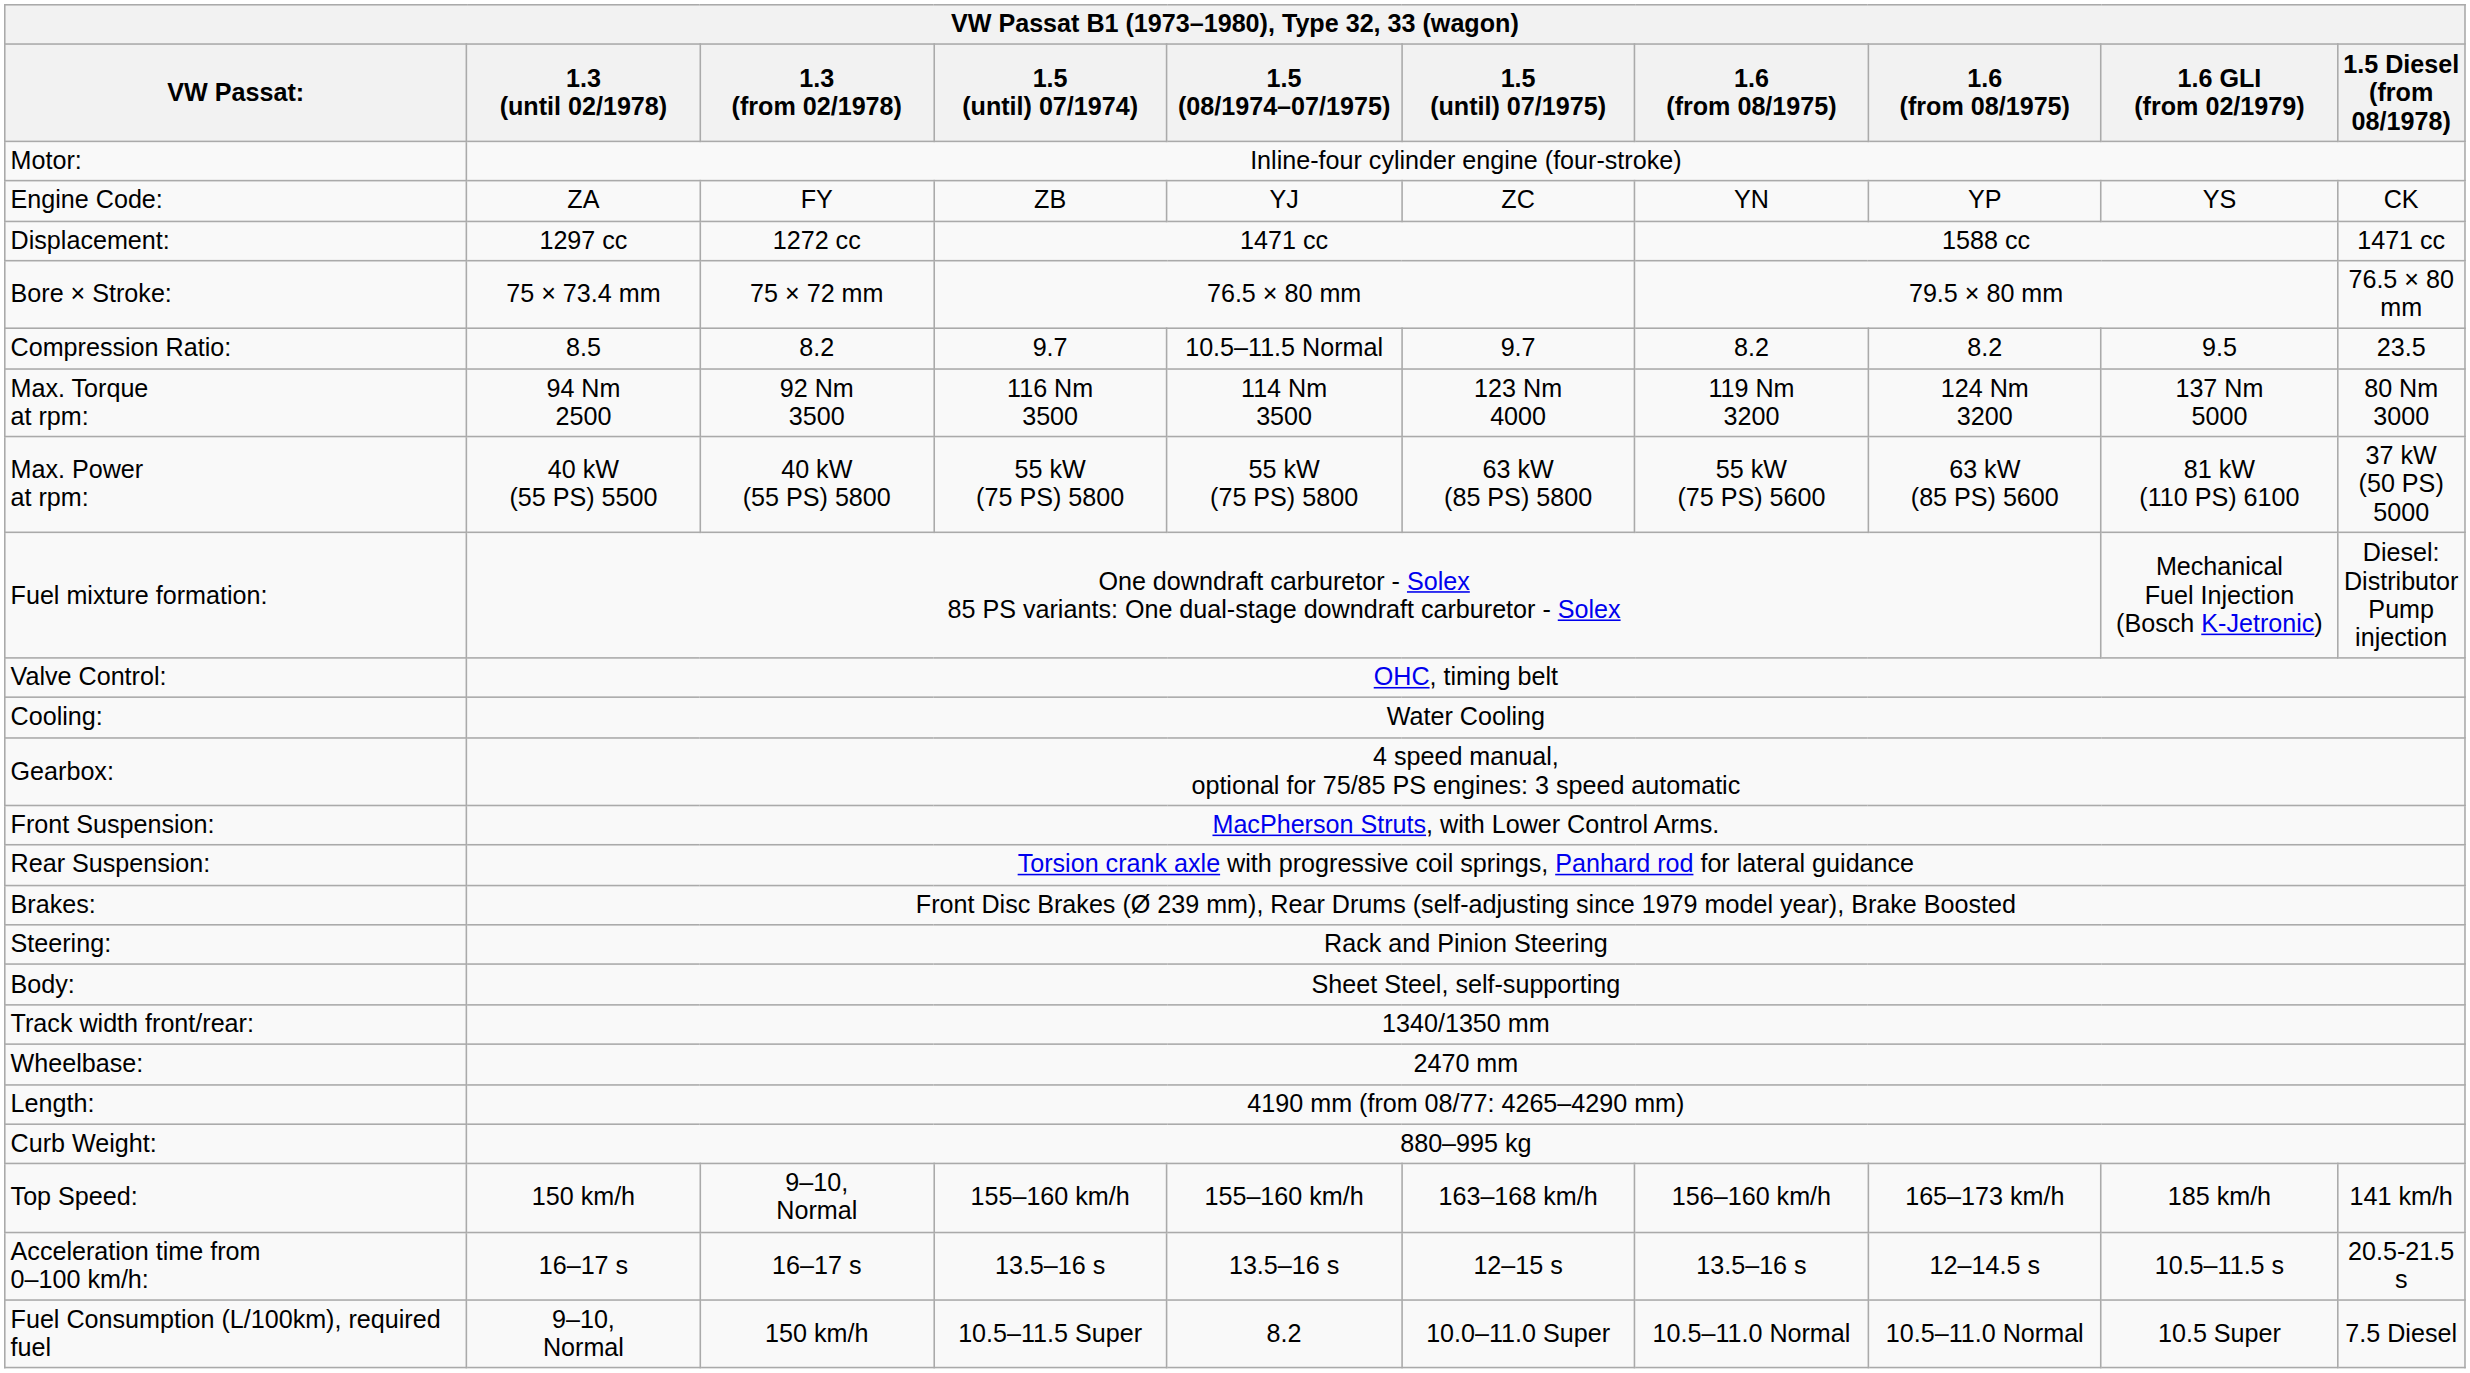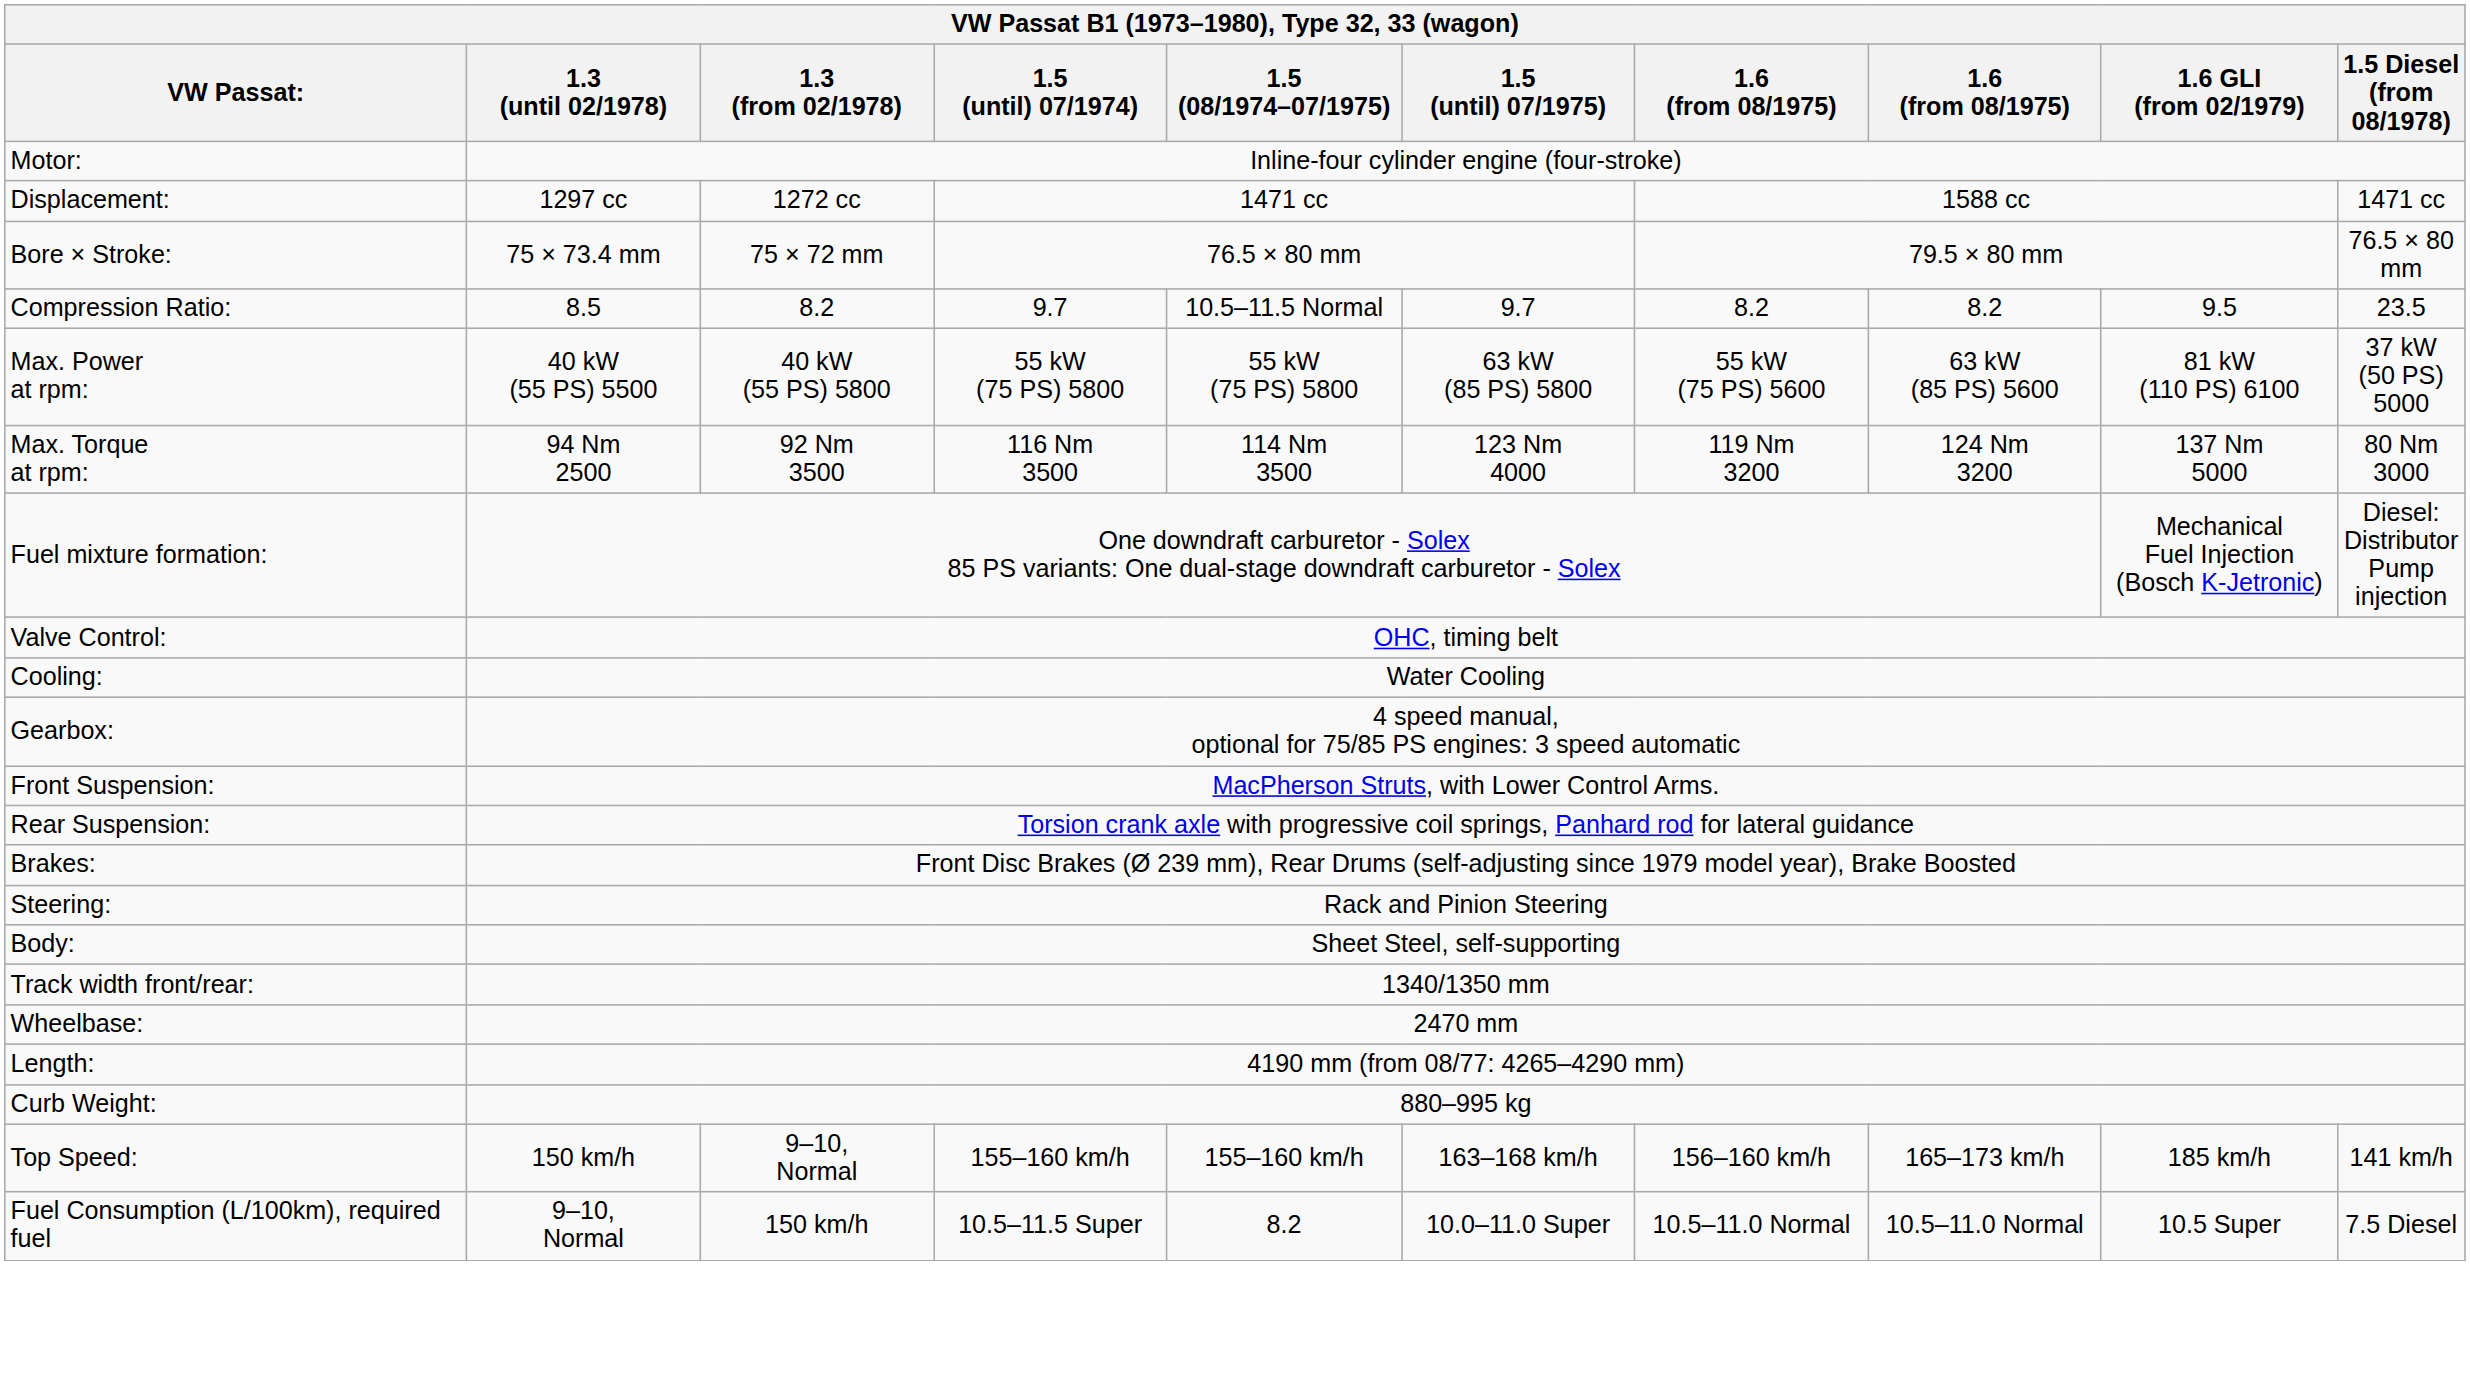 <table class="wikitable">
 <tr>
 <th colspan="10">VW Passat B1 (1973–1980), Type 32, 33 (wagon)</th>
 </tr>
 <tr>
 <th width="20%">VW Passat:</th>
 <th width="10%">1.3<br>(until 02/1978)</th>
 <th width="10%">1.3<br>(from 02/1978)</th>
 <th width="10%">1.5<br>(until) 07/1974)</th>
 <th width="10%">1.5<br>(08/1974–07/1975)</th>
 <th width="10%">1.5<br>(until) 07/1975)</th>
 <th width="10%">1.6<br>(from 08/1975)</th>
 <th width="10%">1.6<br>(from 08/1975)</th>
 <th width="10%">1.6 GLI<br>(from  02/1979)</th>
 <th width="10%">1.5 Diesel<br>(from 08/1978)</th>
 </tr>
 <tr>
 <td align="left">Motor:</td>
 <td colspan="9" align="center">Inline-four cylinder engine (four-stroke)</td>
-</tr>
-<tr>
-<td align="left">Engine Code:</td>
-<td align="center">ZA</td>
-<td align="center">FY</td>
-<td align="center">ZB</td>
-<td align="center">YJ</td>
-<td align="center">ZC</td>
-<td align="center">YN</td>
-<td align="center">YP</td>
-<td align="center">YS</td>
-<td align="center">CK</td>
 </tr>
 <tr>
 <td align="left">Displacement:</td>
 <td align="center">1297 cc</td>
 <td align="center">1272 cc</td>
 <td colspan="3" align="center">1471 cc</td>
 <td colspan="3" align="center">1588 cc</td>
 <td align="center">1471 cc</td>
 </tr>
 <tr>
 <td align="left">Bore × Stroke:</td>
 <td align="center">75 × 73.4 mm</td>
 <td align="center">75 × 72 mm</td>
 <td colspan="3" align="center">76.5 × 80 mm</td>
 <td colspan="3" align="center">79.5 × 80 mm</td>
 <td align="center">76.5 × 80 mm</td>
 </tr>
 <tr>
 <td align="left">Compression Ratio:</td>
 <td align="center">8.5</td>
 <td align="center">8.2</td>
 <td align="center">9.7</td>
 <td align="center">10.5–11.5 Normal</td>
 <td align="center">9.7</td>
 <td align="center">8.2</td>
 <td align="center">8.2</td>
 <td align="center">9.5</td>
 <td align="center">23.5</td>
 </tr>
 <tr>
+<td align="left">Max. Power<br>at rpm:</td>
+<td align="center">40 kW<br>(55 PS) 5500</td>
+<td align="center">40 kW<br>(55 PS) 5800</td>
+<td align="center">55 kW<br>(75 PS) 5800</td>
+<td align="center">55 kW<br>(75 PS) 5800</td>
+<td align="center">63 kW<br>(85 PS) 5800</td>
+<td align="center">55 kW<br>(75 PS) 5600</td>
+<td align="center">63 kW<br>(85 PS) 5600</td>
+<td align="center">81 kW<br>(110 PS) 6100</td>
+<td align="center">37 kW<br>(50 PS) 5000</td>
+</tr>
+<tr>
 <td align="left">Max. Torque<br>at rpm:</td>
 <td align="center">94 Nm<br>2500</td>
 <td align="center">92 Nm<br>3500</td>
 <td align="center">116 Nm<br>3500</td>
 <td align="center">114 Nm<br>3500</td>
 <td align="center">123 Nm<br>4000</td>
 <td align="center">119 Nm<br>3200</td>
 <td align="center">124 Nm<br>3200</td>
 <td align="center">137 Nm<br>5000</td>
 <td align="center">80 Nm<br>3000</td>
-</tr>
-<tr>
-<td align="left">Max. Power<br>at rpm:</td>
-<td align="center">40 kW<br>(55 PS) 5500</td>
-<td align="center">40 kW<br>(55 PS) 5800</td>
-<td align="center">55 kW<br>(75 PS) 5800</td>
-<td align="center">55 kW<br>(75 PS) 5800</td>
-<td align="center">63 kW<br>(85 PS) 5800</td>
-<td align="center">55 kW<br>(75 PS) 5600</td>
-<td align="center">63 kW<br>(85 PS) 5600</td>
-<td align="center">81 kW<br>(110 PS) 6100</td>
-<td align="center">37 kW<br>(50 PS) 5000</td>
 </tr>
 <tr>
 <td align="left">Fuel mixture formation:</td>
 <td colspan="7" align="center">One downdraft carburetor - <a href='#'>Solex</a><br>85 PS variants: One dual-stage downdraft carburetor - <a href='#'>Solex</a></td>
 <td align="center">Mechanical<br>Fuel Injection (Bosch <a href='#'>K-Jetronic</a>)</td>
 <td align="center">Diesel: Distributor  Pump injection</td>
 </tr>
 <tr>
 <td align="left">Valve Control:</td>
 <td colspan="9" align="center"><a href='#'>OHC</a>, timing belt</td>
 </tr>
 <tr>
 <td align="left">Cooling:</td>
 <td colspan="9" align="center">Water Cooling</td>
 </tr>
 <tr>
 <td align="left">Gearbox:</td>
 <td colspan="9" align="center">4 speed manual,<br>optional for 75/85 PS engines: 3 speed automatic</td>
 </tr>
 <tr>
 <td align="left">Front Suspension:</td>
 <td colspan="9" align="center"><a href='#'>MacPherson Struts</a>, with Lower Control Arms.</td>
 </tr>
 <tr>
 <td align="left">Rear Suspension:</td>
 <td colspan="9" align="center"><a href='#'>Torsion crank axle</a> with progressive coil springs, <a href='#'>Panhard rod</a> for lateral guidance</td>
 </tr>
 <tr>
 <td align="left">Brakes:</td>
 <td colspan="9" align="center">Front Disc Brakes (Ø 239 mm), Rear Drums (self-adjusting since 1979 model year), Brake Boosted</td>
 </tr>
 <tr>
 <td align="left">Steering:</td>
 <td colspan="9" align="center">Rack and Pinion Steering</td>
 </tr>
 <tr>
 <td align="left">Body:</td>
 <td colspan="9" align="center">Sheet Steel, self-supporting</td>
 </tr>
 <tr>
 <td align="left">Track width front/rear:</td>
 <td colspan="9" align="center">1340/1350 mm</td>
 </tr>
 <tr>
 <td align="left">Wheelbase:</td>
 <td colspan="9" align="center">2470 mm</td>
 </tr>
 <tr>
 <td align="left">Length:</td>
 <td colspan="9" align="center">4190 mm (from 08/77: 4265–4290 mm)</td>
 </tr>
 <tr>
 <td align="left">Curb Weight:</td>
 <td colspan="9" align="center">880–995 kg</td>
 </tr>
 <tr>
 <td align="left">Top Speed:</td>
 <td align="center">150 km/h</td>
 <td align="center">9–10,<br>Normal</td>
 <td align="center">155–160 km/h</td>
 <td align="center">155–160 km/h</td>
 <td align="center">163–168 km/h</td>
 <td align="center">156–160 km/h</td>
 <td align="center">165–173 km/h</td>
 <td align="center">185 km/h</td>
 <td align="center">141 km/h</td>
 </tr>
 <tr>
-<td align="left">Acceleration time from<br>0–100 km/h:</td>
-<td align="center">16–17 s</td>
-<td align="center">16–17 s</td>
-<td align="center">13.5–16 s</td>
-<td align="center">13.5–16 s</td>
-<td align="center">12–15 s</td>
-<td align="center">13.5–16 s</td>
-<td align="center">12–14.5 s</td>
-<td align="center">10.5–11.5 s</td>
-<td align="center">20.5-21.5 s</td>
-</tr>
-<tr>
 <td align="left">Fuel Consumption (L/100km), required fuel</td>
 <td align="center">9–10,<br>Normal</td>
 <td align="center">150 km/h</td>
 <td align="center">10.5–11.5 Super</td>
 <td align="center">8.2</td>
 <td align="center">10.0–11.0 Super</td>
 <td align="center">10.5–11.0 Normal</td>
 <td align="center">10.5–11.0 Normal</td>
 <td align="center">10.5 Super</td>
 <td align="center">7.5 Diesel</td>
 </tr>
 </table>
